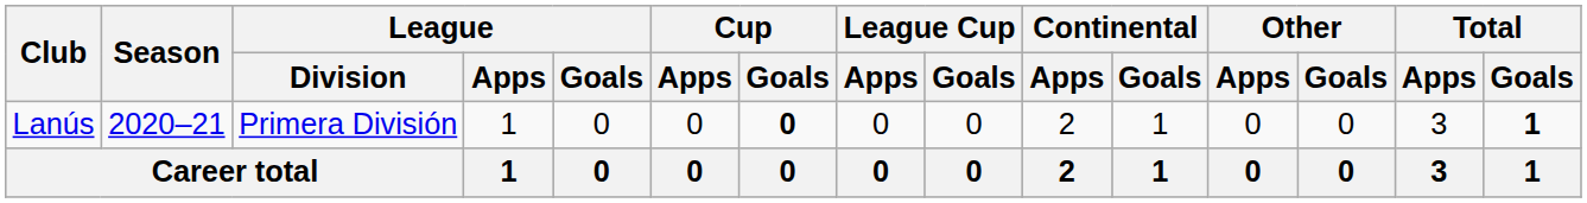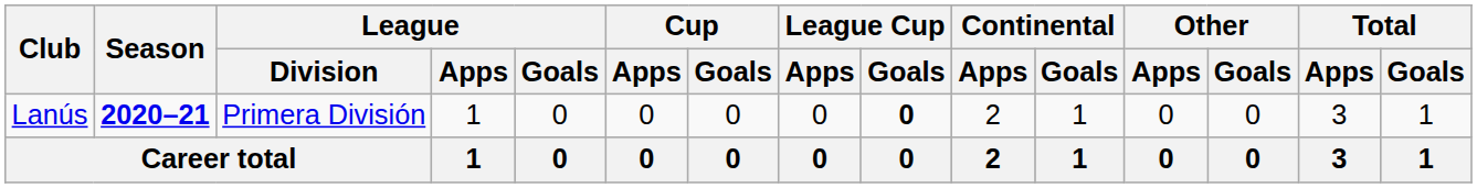 <table class="wikitable" style="text-align:center">
 <tr>
 <th rowspan="2">Club</th>
 <th rowspan="2">Season</th>
 <th colspan="3">League</th>
 <th colspan="2">Cup</th>
 <th colspan="2">League Cup</th>
 <th colspan="2">Continental</th>
 <th colspan="2">Other</th>
 <th colspan="2">Total</th>
 </tr>
 <tr>
 <th>Division</th>
 <th>Apps</th>
 <th>Goals</th>
 <th>Apps</th>
 <th>Goals</th>
 <th>Apps</th>
 <th>Goals</th>
 <th>Apps</th>
 <th>Goals</th>
 <th>Apps</th>
 <th>Goals</th>
 <th>Apps</th>
 <th>Goals</th>
 </tr>
 <tr>
 <td rowspan="1"><a href='#'>Lanús</a></td>
-<td><a href='#'>2020–21</a></td>
+<td><strong><a href='#'>2020–21</a></strong></td>
 <td rowspan="1"><a href='#'>Primera División</a></td>
 <td>1</td>
 <td>0</td>
 <td>0</td>
-<td><strong>0</strong></td>
 <td>0</td>
 <td>0</td>
+<td><strong>0</strong></td>
 <td>2</td>
 <td>1</td>
 <td>0</td>
 <td>0</td>
 <td>3</td>
-<td><strong>1</strong></td>
+<td>1</td>
 </tr>
 <tr>
 <th colspan="3">Career total</th>
 <th>1</th>
 <th>0</th>
 <th>0</th>
 <th>0</th>
 <th>0</th>
 <th>0</th>
 <th>2</th>
 <th>1</th>
 <th>0</th>
 <th>0</th>
 <th>3</th>
 <th>1</th>
 </tr>
 </table>
